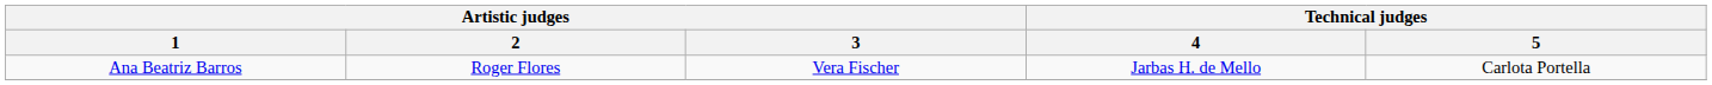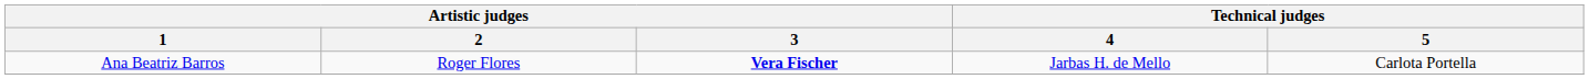 <table class="wikitable" style="font-size:100%; line-height:16px; text-align:center" width="100%">
 <tr>
 <th colspan=3>Artistic judges</th>
 <th colspan=2>Technical judges</th>
 </tr>
 <tr>
 <th>1</th>
 <th>2</th>
 <th>3</th>
 <th>4</th>
 <th>5</th>
 </tr>
 <tr>
 <td width=150><a href='#'>Ana Beatriz Barros</a></td>
 <td width=150><a href='#'>Roger Flores</a></td>
-<td width=150><a href='#'>Vera Fischer</a></td>
+<td width=150><strong><a href='#'>Vera Fischer</a></strong></td>
 <td width=150><a href='#'>Jarbas H. de Mello</a></td>
 <td width=150>Carlota Portella</td>
 </tr>
 <tr>
 </tr>
 </table>
